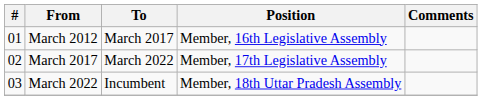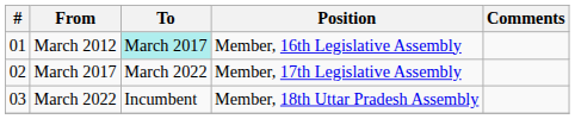 <table class="wikitable sortable">
 <tr>
 <th>#</th>
 <th>From</th>
 <th>To</th>
 <th>Position</th>
 <th>Comments</th>
 </tr>
 <tr>
 <td>01</td>
 <td>March 2012</td>
-<td>March 2017</td>
+<td style="background: paleturquoise;">March 2017</td>
 <td>Member, <a href='#'>16th Legislative Assembly</a></td>
 <td></td>
 </tr>
 <tr>
 <td>02</td>
 <td>March 2017</td>
 <td>March 2022</td>
 <td>Member, <a href='#'>17th Legislative Assembly</a></td>
 <td></td>
 </tr>
 <tr>
 <td>03</td>
 <td>March 2022</td>
 <td>Incumbent</td>
 <td>Member, <a href='#'>18th Uttar Pradesh Assembly</a></td>
 <td></td>
 </tr>
 <tr>
 </tr>
 </table>
